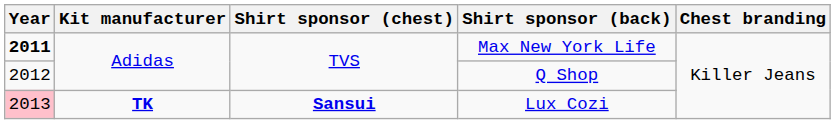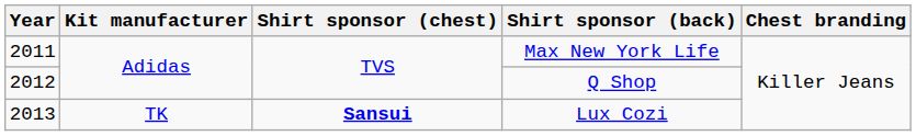 <table class="wikitable" style="text-align: center;">
 <tr>
 <th>Year</th>
 <th>Kit manufacturer</th>
 <th>Shirt sponsor (chest)</th>
 <th>Shirt sponsor (back)</th>
 <th>Chest branding</th>
 </tr>
 <tr>
-<td><strong>2011</strong></td>
+<td>2011</td>
 <td rowspan=2><a href='#'>Adidas</a></td>
 <td rowspan=2><a href='#'>TVS</a></td>
 <td><a href='#'>Max New York Life</a></td>
 <td rowspan=3>Killer Jeans</td>
 </tr>
 <tr>
 <td>2012</td>
 <td><a href='#'>Q Shop</a></td>
 </tr>
 <tr>
-<td style="background: pink;">2013</td>
-<td><strong><a href='#'>TK</a></strong></td>
+<td>2013</td>
+<td><a href='#'>TK</a></td>
 <td><strong><a href='#'>Sansui</a></strong></td>
 <td><a href='#'>Lux Cozi</a></td>
 </tr>
 </table>
